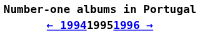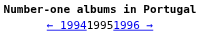 <table class="toc" id="toc" summary="Contents">
 <tr>
 <th>Number-one albums in Portugal</th>
 </tr>
 <tr>
-<td align="center"><strong><a href='#'>← 1994</a>1995<a href='#'>1996 →</a></strong></td>
+<td align="center"><a href='#'>← 1994</a>1995<a href='#'>1996 →</a></td>
 </tr>
 </table>
